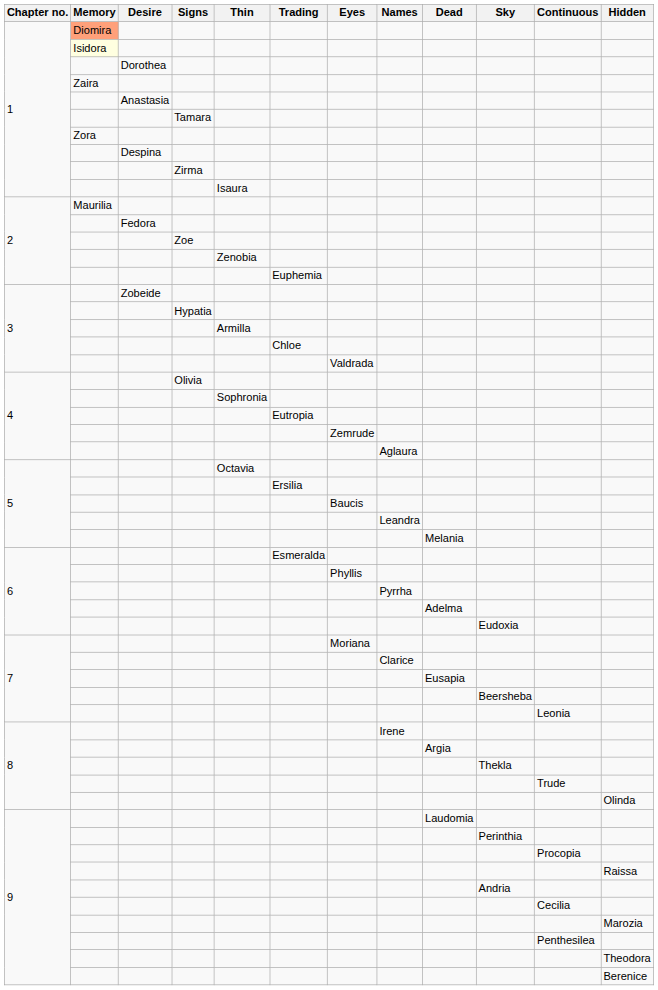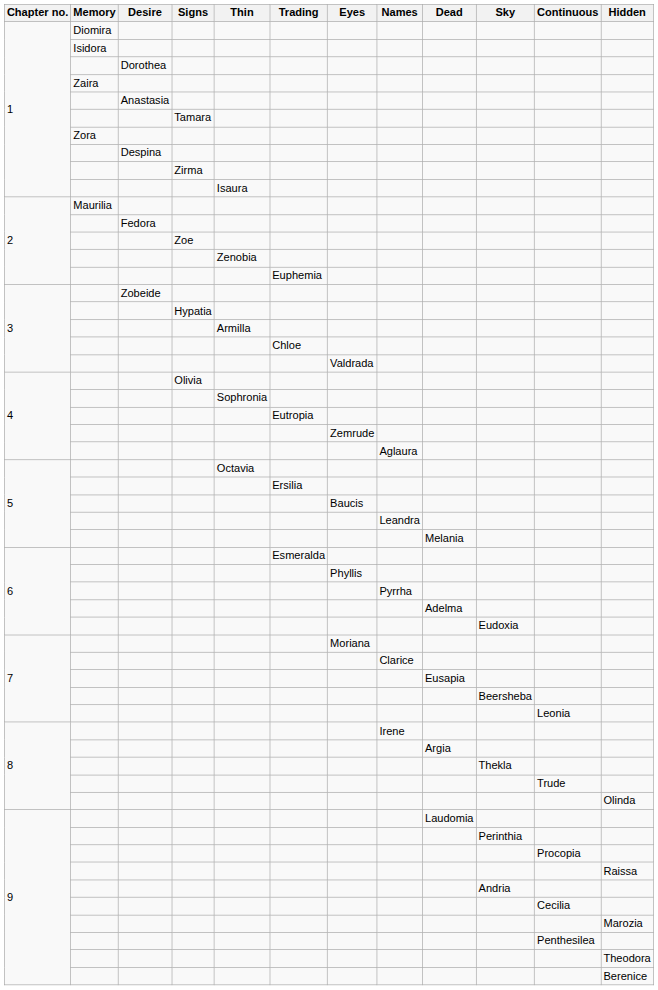 <table class="wikitable">
 <tr>
 <th>Chapter no.</th>
 <th>Memory</th>
 <th>Desire</th>
 <th>Signs</th>
 <th>Thin</th>
 <th>Trading</th>
 <th>Eyes</th>
 <th>Names</th>
 <th>Dead</th>
 <th>Sky</th>
 <th>Continuous</th>
 <th>Hidden</th>
 </tr>
 <tr>
 <td rowspan="10">1</td>
-<td style="background: lightsalmon;">Diomira</td>
+<td>Diomira</td>
 <td></td>
 <td></td>
 <td></td>
 <td></td>
 <td></td>
 <td></td>
 <td></td>
 <td></td>
 <td></td>
 <td></td>
 </tr>
 <tr>
-<td style="background: lightyellow;">Isidora</td>
+<td>Isidora</td>
 <td></td>
 <td></td>
 <td></td>
 <td></td>
 <td></td>
 <td></td>
 <td></td>
 <td></td>
 <td></td>
 <td></td>
 </tr>
 <tr>
 <td></td>
 <td>Dorothea</td>
 <td></td>
 <td></td>
 <td></td>
 <td></td>
 <td></td>
 <td></td>
 <td></td>
 <td></td>
 <td></td>
 </tr>
 <tr>
 <td>Zaira</td>
 <td></td>
 <td></td>
 <td></td>
 <td></td>
 <td></td>
 <td></td>
 <td></td>
 <td></td>
 <td></td>
 <td></td>
 </tr>
 <tr>
 <td></td>
 <td>Anastasia</td>
 <td></td>
 <td></td>
 <td></td>
 <td></td>
 <td></td>
 <td></td>
 <td></td>
 <td></td>
 <td></td>
 </tr>
 <tr>
 <td></td>
 <td></td>
 <td>Tamara</td>
 <td></td>
 <td></td>
 <td></td>
 <td></td>
 <td></td>
 <td></td>
 <td></td>
 <td></td>
 </tr>
 <tr>
 <td>Zora</td>
 <td></td>
 <td></td>
 <td></td>
 <td></td>
 <td></td>
 <td></td>
 <td></td>
 <td></td>
 <td></td>
 <td></td>
 </tr>
 <tr>
 <td></td>
 <td>Despina</td>
 <td></td>
 <td></td>
 <td></td>
 <td></td>
 <td></td>
 <td></td>
 <td></td>
 <td></td>
 <td></td>
 </tr>
 <tr>
 <td></td>
 <td></td>
 <td>Zirma</td>
 <td></td>
 <td></td>
 <td></td>
 <td></td>
 <td></td>
 <td></td>
 <td></td>
 <td></td>
 </tr>
 <tr>
 <td></td>
 <td></td>
 <td></td>
 <td>Isaura</td>
 <td></td>
 <td></td>
 <td></td>
 <td></td>
 <td></td>
 <td></td>
 <td></td>
 </tr>
 <tr>
 <td rowspan="5">2</td>
 <td>Maurilia</td>
 <td></td>
 <td></td>
 <td></td>
 <td></td>
 <td></td>
 <td></td>
 <td></td>
 <td></td>
 <td></td>
 <td></td>
 </tr>
 <tr>
 <td></td>
 <td>Fedora</td>
 <td></td>
 <td></td>
 <td></td>
 <td></td>
 <td></td>
 <td></td>
 <td></td>
 <td></td>
 <td></td>
 </tr>
 <tr>
 <td></td>
 <td></td>
 <td>Zoe</td>
 <td></td>
 <td></td>
 <td></td>
 <td></td>
 <td></td>
 <td></td>
 <td></td>
 <td></td>
 </tr>
 <tr>
 <td></td>
 <td></td>
 <td></td>
 <td>Zenobia</td>
 <td></td>
 <td></td>
 <td></td>
 <td></td>
 <td></td>
 <td></td>
 <td></td>
 </tr>
 <tr>
 <td></td>
 <td></td>
 <td></td>
 <td></td>
 <td>Euphemia</td>
 <td></td>
 <td></td>
 <td></td>
 <td></td>
 <td></td>
 <td></td>
 </tr>
 <tr>
 <td rowspan="5">3</td>
 <td></td>
 <td>Zobeide</td>
 <td></td>
 <td></td>
 <td></td>
 <td></td>
 <td></td>
 <td></td>
 <td></td>
 <td></td>
 <td></td>
 </tr>
 <tr>
 <td></td>
 <td></td>
 <td>Hypatia</td>
 <td></td>
 <td></td>
 <td></td>
 <td></td>
 <td></td>
 <td></td>
 <td></td>
 <td></td>
 </tr>
 <tr>
 <td></td>
 <td></td>
 <td></td>
 <td>Armilla</td>
 <td></td>
 <td></td>
 <td></td>
 <td></td>
 <td></td>
 <td></td>
 <td></td>
 </tr>
 <tr>
 <td></td>
 <td></td>
 <td></td>
 <td></td>
 <td>Chloe</td>
 <td></td>
 <td></td>
 <td></td>
 <td></td>
 <td></td>
 <td></td>
 </tr>
 <tr>
 <td></td>
 <td></td>
 <td></td>
 <td></td>
 <td></td>
 <td>Valdrada</td>
 <td></td>
 <td></td>
 <td></td>
 <td></td>
 <td></td>
 </tr>
 <tr>
 <td rowspan="5">4</td>
 <td></td>
 <td></td>
 <td>Olivia</td>
 <td></td>
 <td></td>
 <td></td>
 <td></td>
 <td></td>
 <td></td>
 <td></td>
 <td></td>
 </tr>
 <tr>
 <td></td>
 <td></td>
 <td></td>
 <td>Sophronia</td>
 <td></td>
 <td></td>
 <td></td>
 <td></td>
 <td></td>
 <td></td>
 <td></td>
 </tr>
 <tr>
 <td></td>
 <td></td>
 <td></td>
 <td></td>
 <td>Eutropia</td>
 <td></td>
 <td></td>
 <td></td>
 <td></td>
 <td></td>
 <td></td>
 </tr>
 <tr>
 <td></td>
 <td></td>
 <td></td>
 <td></td>
 <td></td>
 <td>Zemrude</td>
 <td></td>
 <td></td>
 <td></td>
 <td></td>
 <td></td>
 </tr>
 <tr>
 <td></td>
 <td></td>
 <td></td>
 <td></td>
 <td></td>
 <td></td>
 <td>Aglaura</td>
 <td></td>
 <td></td>
 <td></td>
 <td></td>
 </tr>
 <tr>
 <td rowspan="5">5</td>
 <td></td>
 <td></td>
 <td></td>
 <td>Octavia</td>
 <td></td>
 <td></td>
 <td></td>
 <td></td>
 <td></td>
 <td></td>
 <td></td>
 </tr>
 <tr>
 <td></td>
 <td></td>
 <td></td>
 <td></td>
 <td>Ersilia</td>
 <td></td>
 <td></td>
 <td></td>
 <td></td>
 <td></td>
 <td></td>
 </tr>
 <tr>
 <td></td>
 <td></td>
 <td></td>
 <td></td>
 <td></td>
 <td>Baucis</td>
 <td></td>
 <td></td>
 <td></td>
 <td></td>
 <td></td>
 </tr>
 <tr>
 <td></td>
 <td></td>
 <td></td>
 <td></td>
 <td></td>
 <td></td>
 <td>Leandra</td>
 <td></td>
 <td></td>
 <td></td>
 <td></td>
 </tr>
 <tr>
 <td></td>
 <td></td>
 <td></td>
 <td></td>
 <td></td>
 <td></td>
 <td></td>
 <td>Melania</td>
 <td></td>
 <td></td>
 <td></td>
 </tr>
 <tr>
 <td rowspan="5">6</td>
 <td></td>
 <td></td>
 <td></td>
 <td></td>
 <td>Esmeralda</td>
 <td></td>
 <td></td>
 <td></td>
 <td></td>
 <td></td>
 <td></td>
 </tr>
 <tr>
 <td></td>
 <td></td>
 <td></td>
 <td></td>
 <td></td>
 <td>Phyllis</td>
 <td></td>
 <td></td>
 <td></td>
 <td></td>
 <td></td>
 </tr>
 <tr>
 <td></td>
 <td></td>
 <td></td>
 <td></td>
 <td></td>
 <td></td>
 <td>Pyrrha</td>
 <td></td>
 <td></td>
 <td></td>
 <td></td>
 </tr>
 <tr>
 <td></td>
 <td></td>
 <td></td>
 <td></td>
 <td></td>
 <td></td>
 <td></td>
 <td>Adelma</td>
 <td></td>
 <td></td>
 <td></td>
 </tr>
 <tr>
 <td></td>
 <td></td>
 <td></td>
 <td></td>
 <td></td>
 <td></td>
 <td></td>
 <td></td>
 <td>Eudoxia</td>
 <td></td>
 <td></td>
 </tr>
 <tr>
 <td rowspan="5">7</td>
 <td></td>
 <td></td>
 <td></td>
 <td></td>
 <td></td>
 <td>Moriana</td>
 <td></td>
 <td></td>
 <td></td>
 <td></td>
 <td></td>
 </tr>
 <tr>
 <td></td>
 <td></td>
 <td></td>
 <td></td>
 <td></td>
 <td></td>
 <td>Clarice</td>
 <td></td>
 <td></td>
 <td></td>
 <td></td>
 </tr>
 <tr>
 <td></td>
 <td></td>
 <td></td>
 <td></td>
 <td></td>
 <td></td>
 <td></td>
 <td>Eusapia</td>
 <td></td>
 <td></td>
 <td></td>
 </tr>
 <tr>
 <td></td>
 <td></td>
 <td></td>
 <td></td>
 <td></td>
 <td></td>
 <td></td>
 <td></td>
 <td>Beersheba</td>
 <td></td>
 <td></td>
 </tr>
 <tr>
 <td></td>
 <td></td>
 <td></td>
 <td></td>
 <td></td>
 <td></td>
 <td></td>
 <td></td>
 <td></td>
 <td>Leonia</td>
 <td></td>
 </tr>
 <tr>
 <td rowspan="5">8</td>
 <td></td>
 <td></td>
 <td></td>
 <td></td>
 <td></td>
 <td></td>
 <td>Irene</td>
 <td></td>
 <td></td>
 <td></td>
 <td></td>
 </tr>
 <tr>
 <td></td>
 <td></td>
 <td></td>
 <td></td>
 <td></td>
 <td></td>
 <td></td>
 <td>Argia</td>
 <td></td>
 <td></td>
 <td></td>
 </tr>
 <tr>
 <td></td>
 <td></td>
 <td></td>
 <td></td>
 <td></td>
 <td></td>
 <td></td>
 <td></td>
 <td>Thekla</td>
 <td></td>
 <td></td>
 </tr>
 <tr>
 <td></td>
 <td></td>
 <td></td>
 <td></td>
 <td></td>
 <td></td>
 <td></td>
 <td></td>
 <td></td>
 <td>Trude</td>
 <td></td>
 </tr>
 <tr>
 <td></td>
 <td></td>
 <td></td>
 <td></td>
 <td></td>
 <td></td>
 <td></td>
 <td></td>
 <td></td>
 <td></td>
 <td>Olinda</td>
 </tr>
 <tr>
 <td rowspan="10">9</td>
 <td></td>
 <td></td>
 <td></td>
 <td></td>
 <td></td>
 <td></td>
 <td></td>
 <td>Laudomia</td>
 <td></td>
 <td></td>
 <td></td>
 </tr>
 <tr>
 <td></td>
 <td></td>
 <td></td>
 <td></td>
 <td></td>
 <td></td>
 <td></td>
 <td></td>
 <td>Perinthia</td>
 <td></td>
 <td></td>
 </tr>
 <tr>
 <td></td>
 <td></td>
 <td></td>
 <td></td>
 <td></td>
 <td></td>
 <td></td>
 <td></td>
 <td></td>
 <td>Procopia</td>
 <td></td>
 </tr>
 <tr>
 <td></td>
 <td></td>
 <td></td>
 <td></td>
 <td></td>
 <td></td>
 <td></td>
 <td></td>
 <td></td>
 <td></td>
 <td>Raissa</td>
 </tr>
 <tr>
 <td></td>
 <td></td>
 <td></td>
 <td></td>
 <td></td>
 <td></td>
 <td></td>
 <td></td>
 <td>Andria</td>
 <td></td>
 <td></td>
 </tr>
 <tr>
 <td></td>
 <td></td>
 <td></td>
 <td></td>
 <td></td>
 <td></td>
 <td></td>
 <td></td>
 <td></td>
 <td>Cecilia</td>
 <td></td>
 </tr>
 <tr>
 <td></td>
 <td></td>
 <td></td>
 <td></td>
 <td></td>
 <td></td>
 <td></td>
 <td></td>
 <td></td>
 <td></td>
 <td>Marozia</td>
 </tr>
 <tr>
 <td></td>
 <td></td>
 <td></td>
 <td></td>
 <td></td>
 <td></td>
 <td></td>
 <td></td>
 <td></td>
 <td>Penthesilea</td>
 <td></td>
 </tr>
 <tr>
 <td></td>
 <td></td>
 <td></td>
 <td></td>
 <td></td>
 <td></td>
 <td></td>
 <td></td>
 <td></td>
 <td></td>
 <td>Theodora</td>
 </tr>
 <tr>
 <td></td>
 <td></td>
 <td></td>
 <td></td>
 <td></td>
 <td></td>
 <td></td>
 <td></td>
 <td></td>
 <td></td>
 <td>Berenice</td>
 </tr>
 </table>
